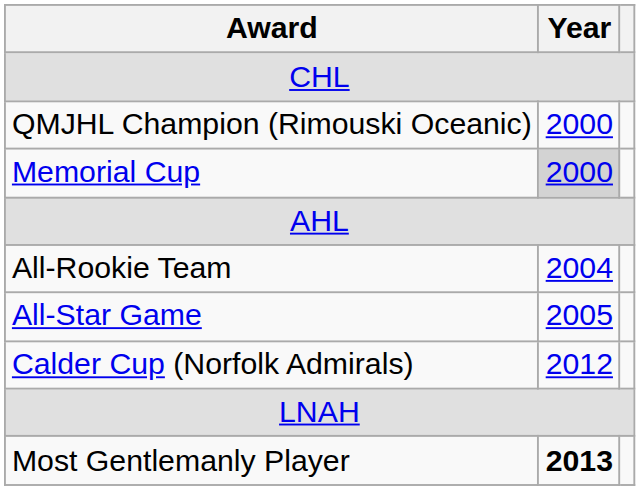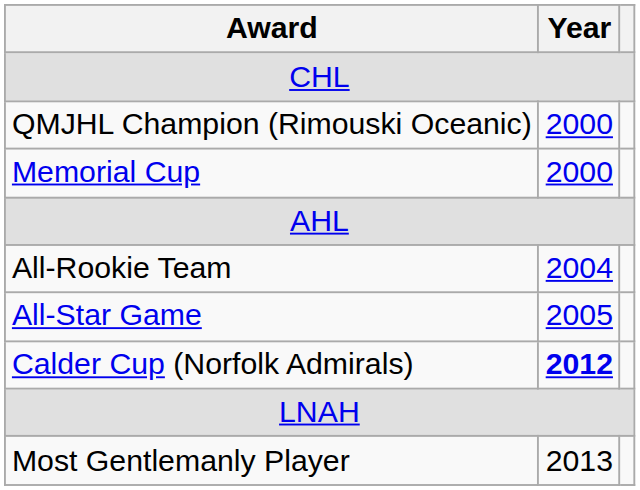 <table class="wikitable">
 <tr>
 <th>Award</th>
 <th>Year</th>
 <th></th>
 </tr>
 <tr ALIGN="center" bgcolor="#e0e0e0">
 <td colspan="3"><a href='#'>CHL</a></td>
 </tr>
 <tr>
 <td>QMJHL Champion (Rimouski Oceanic)</td>
 <td><a href='#'>2000</a></td>
 <td></td>
 </tr>
 <tr>
 <td><a href='#'>Memorial Cup</a></td>
-<td style="background: lightgrey;"><a href='#'>2000</a></td>
+<td><a href='#'>2000</a></td>
 <td></td>
 </tr>
 <tr ALIGN="center" bgcolor="#e0e0e0">
 <td colspan="3"><a href='#'>AHL</a></td>
 </tr>
 <tr>
 <td>All-Rookie Team</td>
 <td><a href='#'>2004</a></td>
 <td></td>
 </tr>
 <tr>
 <td><a href='#'>All-Star Game</a></td>
 <td><a href='#'>2005</a></td>
 <td></td>
 </tr>
 <tr>
 <td><a href='#'>Calder Cup</a> (Norfolk Admirals)</td>
-<td><a href='#'>2012</a></td>
+<td><strong><a href='#'>2012</a></strong></td>
 <td></td>
 </tr>
 <tr ALIGN="center" bgcolor="#e0e0e0">
 <td colspan="3"><a href='#'>LNAH</a></td>
 </tr>
 <tr>
 <td>Most Gentlemanly Player</td>
-<td><strong>2013</strong></td>
+<td>2013</td>
 <td></td>
 </tr>
 </table>
